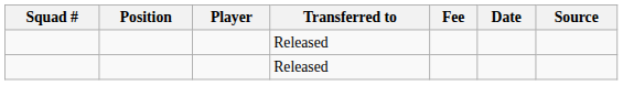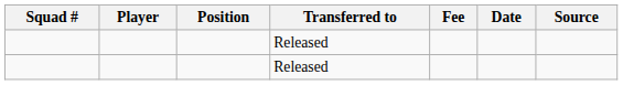 <table width=99% class="wikitable sortable" style="text-align:center; font-size:95%; text-align:left">
 <tr>
 <th>Squad #</th>
+<th>Player</th>
 <th>Position</th>
-<th>Player</th>
 <th>Transferred to</th>
 <th>Fee</th>
 <th>Date</th>
 <th>Source</th>
 </tr>
 <tr>
 <td></td>
 <td></td>
 <td></td>
 <td>Released</td>
 <td></td>
 <td></td>
 <td></td>
 </tr>
 <tr>
 <td></td>
 <td></td>
 <td></td>
 <td>Released</td>
 <td></td>
 <td></td>
 <td></td>
 </tr>
 </table>
